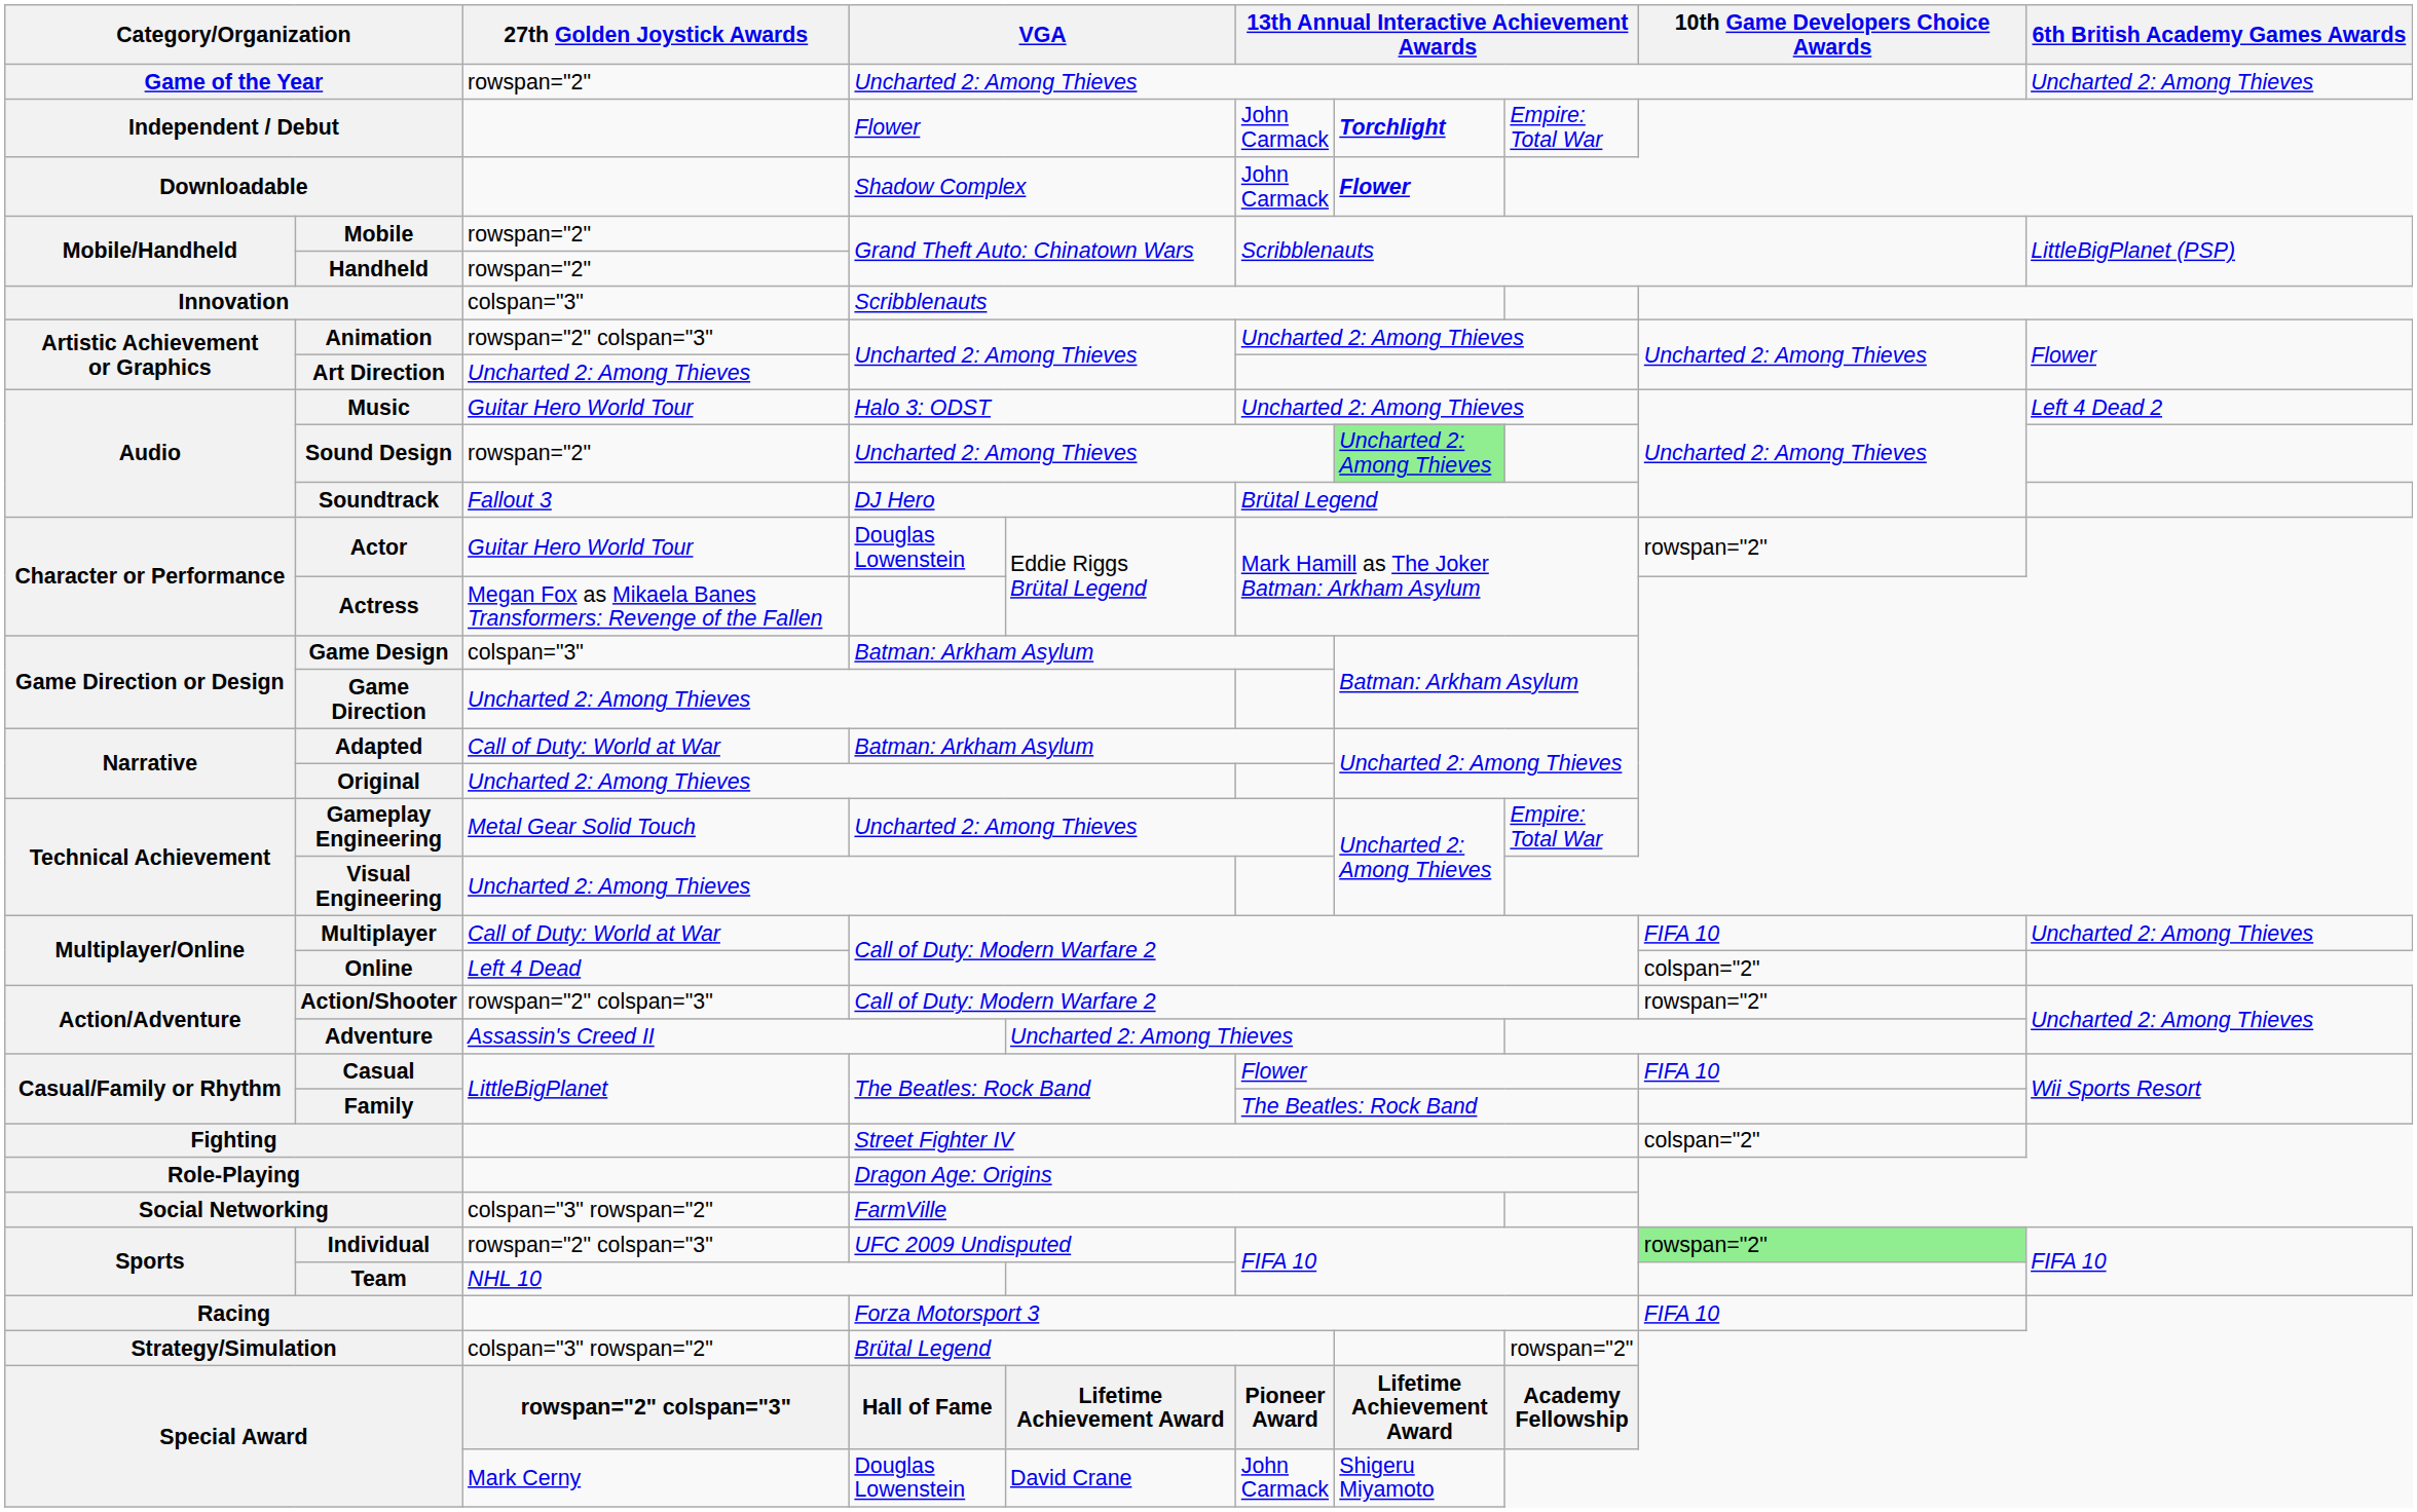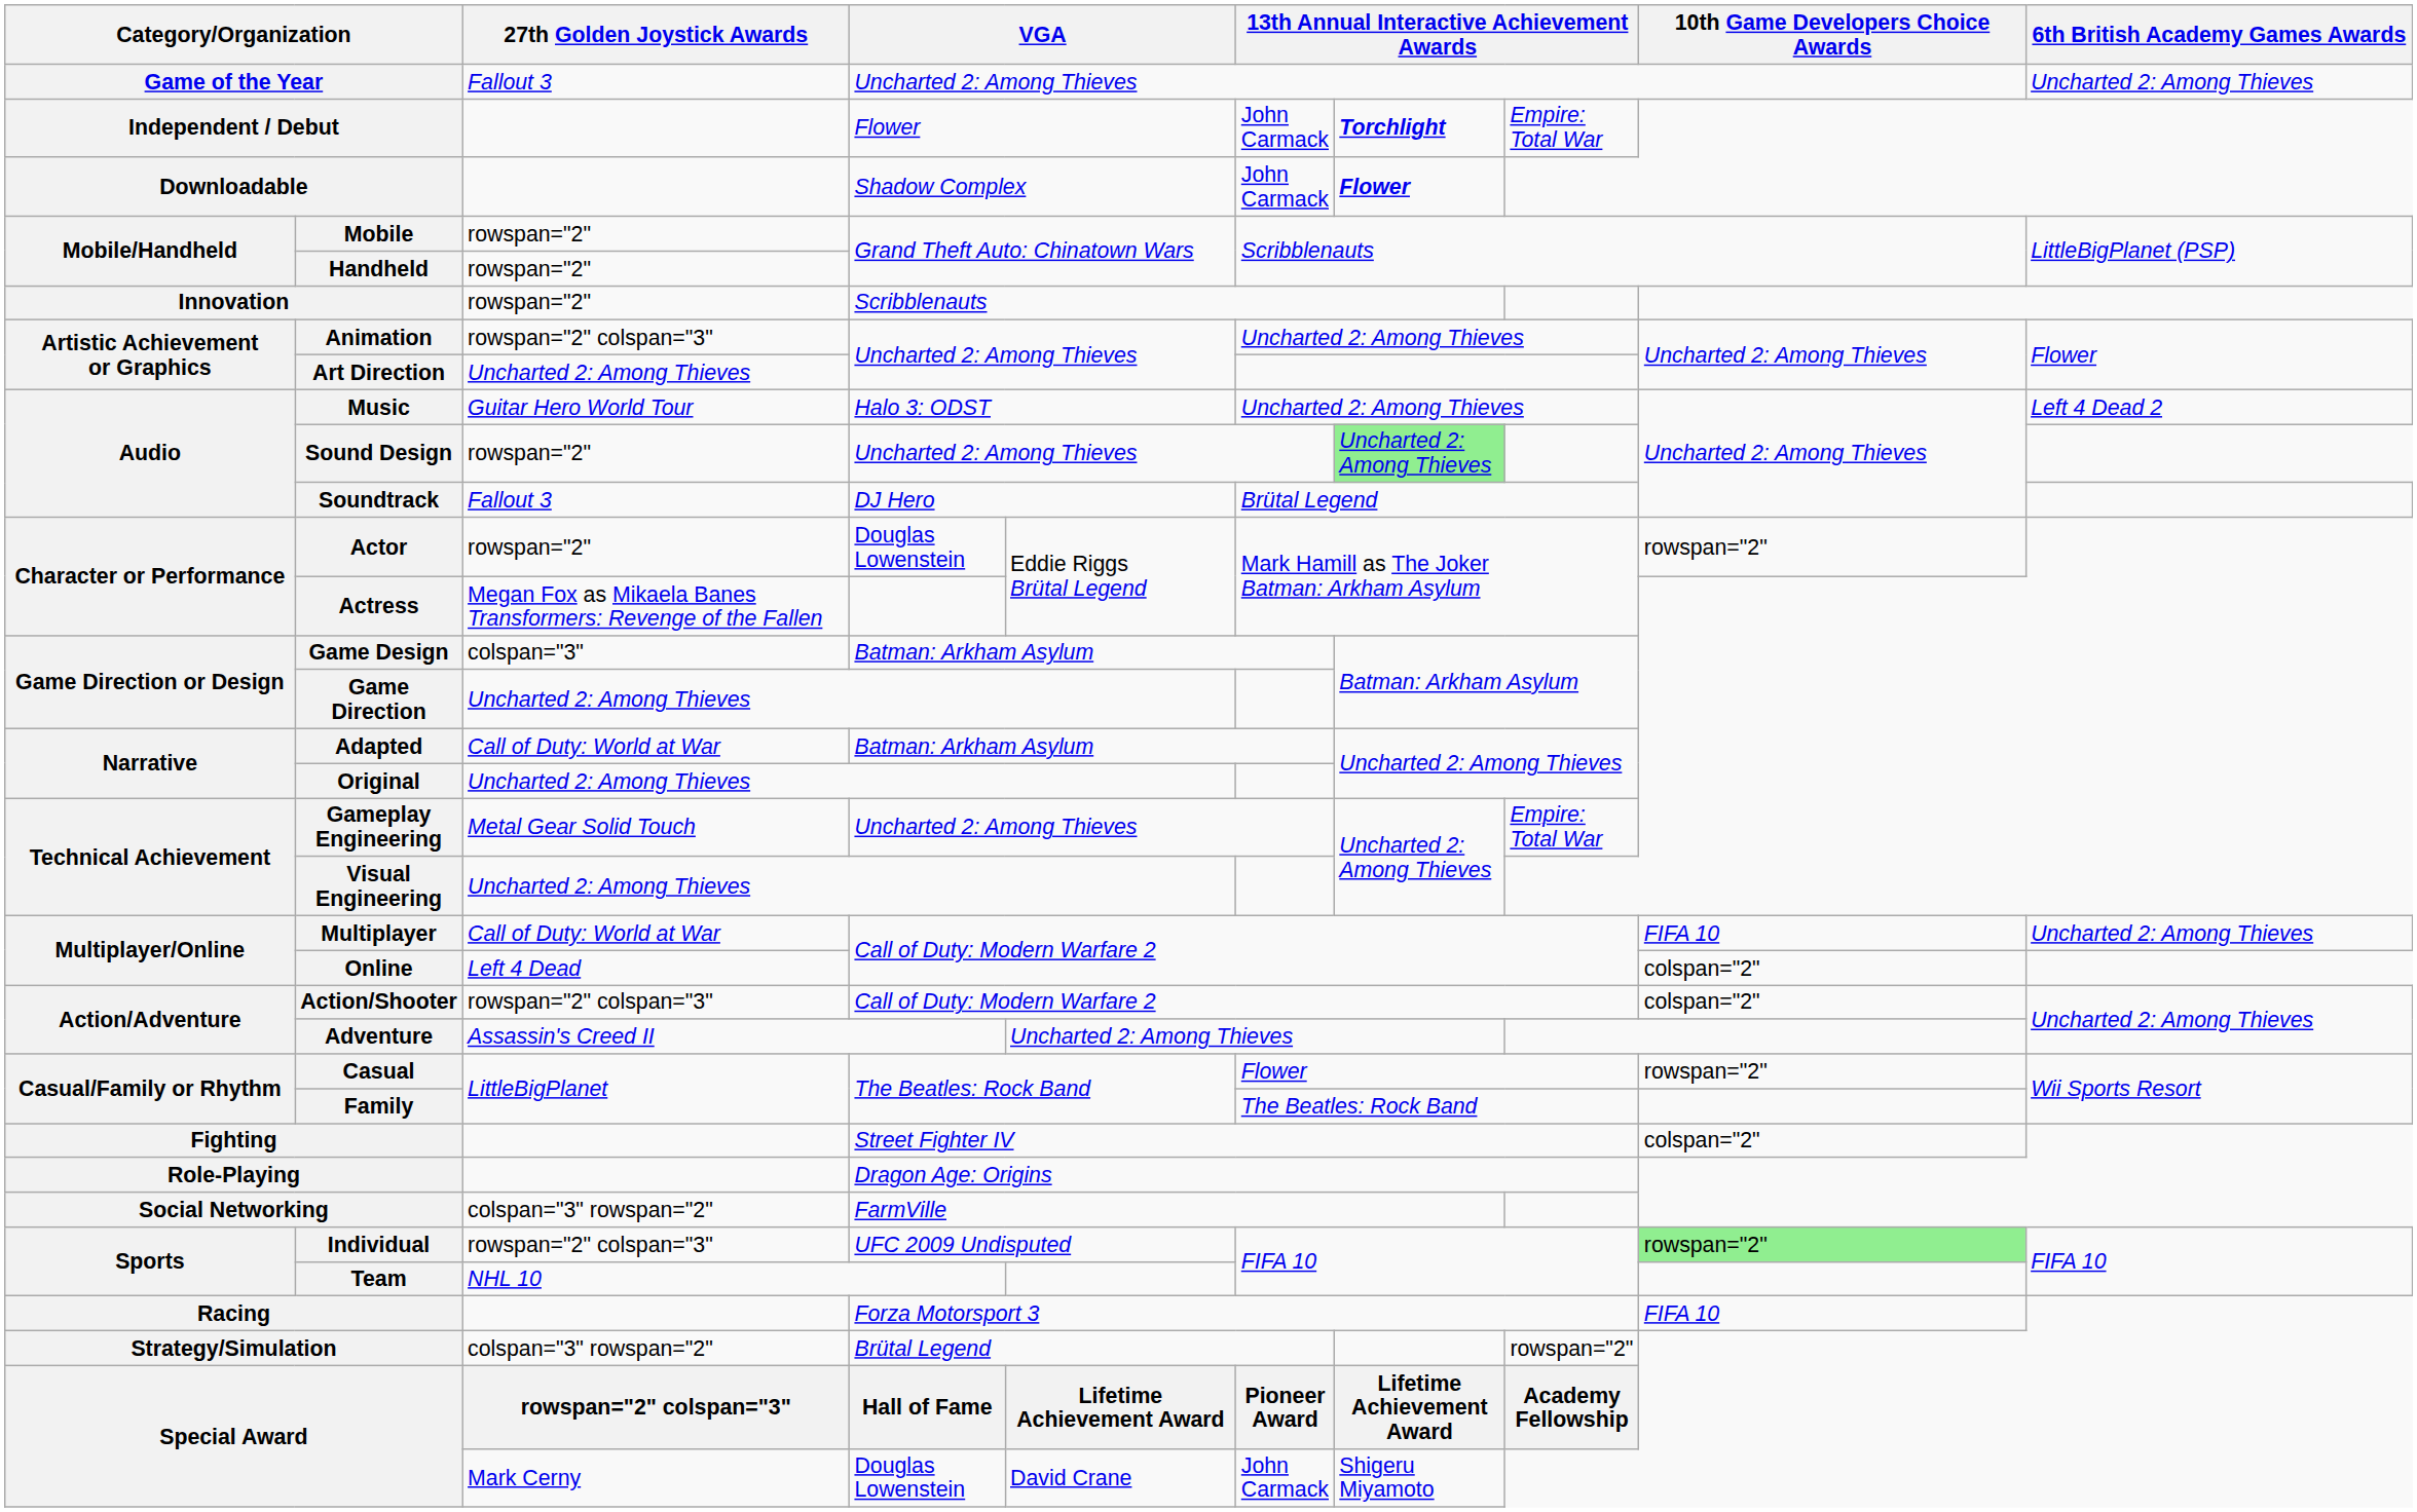 <table class="wikitable" style="border:none; margin:0; width:100%; font-size: 90%;">
 <tr>
 <th style="width:17%;" colspan="2">Category/Organization</th>
 <th style="width:16%;">27th <a href='#'>Golden Joystick Awards</a><br></th>
 <th style="width:16%;" colspan="2"><a href='#'>VGA</a><br></th>
 <th style="width:16%;" colspan="3"><a href='#'>13th Annual Interactive Achievement Awards</a><br></th>
 <th style="width:16%;">10th <a href='#'>Game Developers Choice Awards</a><br></th>
 <th style="width:16%;"><a href='#'>6th British Academy Games Awards</a><br></th>
 </tr>
 <tr>
 <th scope="row" colspan="2"><a href='#'>Game of the Year</a></th>
-<td>rowspan="2" </td>
+<td><em><a href='#'>Fallout 3</a></em></td>
 <td colspan="6"><em><a href='#'>Uncharted 2: Among Thieves</a></em></td>
 <td><em><a href='#'>Uncharted 2: Among Thieves</a></em></td>
 </tr>
 <tr>
 <th scope="row" colspan="2" style="width:9%;">Independent / Debut </th>
 <td></td>
 <td colspan="2"><em><a href='#'>Flower</a></em></td>
 <td><a href='#'>John Carmack</a></td>
 <td><strong><em><a href='#'>Torchlight</a></em></strong></td>
 <td><em><a href='#'>Empire: Total War</a></em></td>
 </tr>
 <tr>
 <th scope="row" style="width:12%;" colspan="2">Downloadable</th>
 <td></td>
 <td colspan="2"><em><a href='#'>Shadow Complex</a></em></td>
 <td><a href='#'>John Carmack</a></td>
 <td><strong><em><a href='#'>Flower</a></em></strong></td>
 </tr>
 <tr>
 <th scope="row" rowspan="2" style="width:12%;">Mobile/Handheld</th>
 <th>Mobile</th>
 <td>rowspan="2" </td>
 <td colspan="2" rowspan="2"><em><a href='#'>Grand Theft Auto: Chinatown Wars</a></em></td>
 <td colspan="4" rowspan="2"><em><a href='#'>Scribblenauts</a></em></td>
 <td rowspan="2"><em><a href='#'>LittleBigPlanet (PSP)</a></em></td>
 </tr>
 <tr>
 <th scope="row">Handheld</th>
 <td>rowspan="2" </td>
 </tr>
 <tr>
 <th scope="row" style="width:12%;" colspan="2">Innovation</th>
-<td>colspan="3" </td>
+<td>rowspan="2" </td>
 <td colspan="4"><em><a href='#'>Scribblenauts</a></em></td>
 <td></td>
 </tr>
 <tr>
 <th scope="row" rowspan="2" style="width:9%;">Artistic Achievement<br>or Graphics</th>
 <th>Animation</th>
 <td>rowspan="2" colspan="3" </td>
 <td rowspan="2" colspan="2"><em><a href='#'>Uncharted 2: Among Thieves</a></em></td>
 <td colspan="3"><em><a href='#'>Uncharted 2: Among Thieves</a></em></td>
 <td rowspan="2"><em><a href='#'>Uncharted 2: Among Thieves</a></em></td>
 <td rowspan="2"><em><a href='#'>Flower</a></em></td>
 </tr>
 <tr>
 <th scope="row">Art Direction</th>
 <td colspan="3"><em><a href='#'>Uncharted 2: Among Thieves</a></em></td>
 </tr>
 <tr>
 <th scope="row" rowspan="3" style="width:12%;">Audio</th>
 <th>Music</th>
 <td><em><a href='#'>Guitar Hero World Tour</a></em></td>
 <td colspan="2"><em><a href='#'>Halo 3: ODST</a></em></td>
 <td colspan="3"><em><a href='#'>Uncharted 2: Among Thieves</a></em></td>
 <td rowspan="3"><em><a href='#'>Uncharted 2: Among Thieves</a></em></td>
 <td><em><a href='#'>Left 4 Dead 2</a></em></td>
 </tr>
 <tr>
 <th scope="row">Sound Design</th>
 <td>rowspan="2" </td>
 <td colspan="3"><em><a href='#'>Uncharted 2: Among Thieves</a></em></td>
 <td style="background: lightgreen;"><em><a href='#'>Uncharted 2: Among Thieves</a></em></td>
 </tr>
 <tr>
 <th scope="row">Soundtrack</th>
 <td><em><a href='#'>Fallout 3</a></em></td>
 <td colspan="2"><em><a href='#'>DJ Hero</a></em></td>
 <td colspan="3"><em><a href='#'>Brütal Legend</a></em></td>
 <td></td>
 </tr>
 <tr>
 <th scope="row" rowspan="2">Character or Performance</th>
 <th>Actor</th>
-<td><em><a href='#'>Guitar Hero World Tour</a></em></td>
+<td>rowspan="2" </td>
 <td><a href='#'>Douglas Lowenstein</a></td>
 <td rowspan="2">Eddie Riggs<br><em><a href='#'>Brütal Legend</a></em></td>
 <td rowspan="2" colspan="3"><a href='#'>Mark Hamill</a> as <a href='#'>The Joker</a><br><em><a href='#'>Batman: Arkham Asylum</a></em></td>
 <td>rowspan="2" </td>
 </tr>
 <tr>
 <th>Actress</th>
 <td><a href='#'>Megan Fox</a> as <a href='#'>Mikaela Banes</a><br><em><a href='#'>Transformers: Revenge of the Fallen</a></em></td>
 </tr>
 <tr>
 <th scope="row" rowspan="2">Game Direction or Design</th>
 <th>Game Design</th>
 <td>colspan="3" </td>
 <td colspan="3"><em><a href='#'>Batman: Arkham Asylum</a></em></td>
 <td rowspan="2" colspan="2"><em><a href='#'>Batman: Arkham Asylum</a></em></td>
 </tr>
 <tr>
 <th scope="row">Game Direction</th>
 <td colspan="3"><em><a href='#'>Uncharted 2: Among Thieves</a></em></td>
 </tr>
 <tr>
 <th scope="row" rowspan="2">Narrative</th>
 <th>Adapted</th>
 <td><em><a href='#'>Call of Duty: World at War</a></em></td>
 <td colspan="3"><em><a href='#'>Batman: Arkham Asylum</a></em></td>
 <td rowspan="2" colspan="2"><em><a href='#'>Uncharted 2: Among Thieves</a></em></td>
 </tr>
 <tr>
 <th scope="row">Original</th>
 <td colspan="3"><em><a href='#'>Uncharted 2: Among Thieves</a></em></td>
 </tr>
 <tr>
 <th scope="row" rowspan="2">Technical Achievement</th>
 <th>Gameplay Engineering</th>
 <td><em><a href='#'>Metal Gear Solid Touch</a></em></td>
 <td colspan="3"><em><a href='#'>Uncharted 2: Among Thieves</a></em></td>
 <td rowspan="2"><em><a href='#'>Uncharted 2: Among Thieves</a></em></td>
 <td><em><a href='#'>Empire: Total War</a></em></td>
 </tr>
 <tr>
 <th scope="row">Visual Engineering</th>
 <td colspan="3"><em><a href='#'>Uncharted 2: Among Thieves</a></em></td>
 </tr>
 <tr>
 <th scope="row" rowspan="2">Multiplayer/Online</th>
 <th>Multiplayer</th>
 <td><em><a href='#'>Call of Duty: World at War</a></em></td>
 <td colspan="5" rowspan="2"><em><a href='#'>Call of Duty: Modern Warfare 2</a></em></td>
 <td><em><a href='#'>FIFA 10</a></em></td>
 <td><em><a href='#'>Uncharted 2: Among Thieves</a></em></td>
 </tr>
 <tr>
 <th scope="row">Online</th>
 <td><em><a href='#'>Left 4 Dead</a></em></td>
 <td>colspan="2" </td>
 </tr>
 <tr>
 <th scope="row" rowspan="2">Action/Adventure</th>
 <th>Action/Shooter</th>
 <td>rowspan="2" colspan="3" </td>
 <td colspan="5"><em><a href='#'>Call of Duty: Modern Warfare 2</a></em></td>
-<td>rowspan="2" </td>
+<td>colspan="2" </td>
 <td rowspan="2"><em><a href='#'>Uncharted 2: Among Thieves</a></em></td>
 </tr>
 <tr>
 <th scope="row">Adventure</th>
 <td colspan="2"><em><a href='#'>Assassin's Creed II</a></em></td>
 <td colspan="3"><em><a href='#'>Uncharted 2: Among Thieves</a></em></td>
 </tr>
 <tr>
 <th scope="row" rowspan="2">Casual/Family or Rhythm</th>
 <th>Casual</th>
 <td rowspan="2"><em><a href='#'>LittleBigPlanet</a></em></td>
 <td rowspan="2" colspan="2"><em><a href='#'>The Beatles: Rock Band</a></em></td>
 <td colspan="3"><em><a href='#'>Flower</a></em></td>
-<td><em><a href='#'>FIFA 10</a></em></td>
+<td>rowspan="2" </td>
 <td rowspan="2"><em><a href='#'>Wii Sports Resort</a></em></td>
 </tr>
 <tr>
 <th>Family</th>
 <td colspan="3"><em><a href='#'>The Beatles: Rock Band</a></em></td>
 </tr>
 <tr>
 <th scope="row" colspan="2">Fighting</th>
 <td></td>
 <td colspan="5"><em><a href='#'>Street Fighter IV</a></em></td>
 <td>colspan="2" </td>
 </tr>
 <tr>
 <th scope="row" colspan="2">Role-Playing</th>
 <td></td>
 <td colspan="5"><em><a href='#'>Dragon Age: Origins</a></em></td>
 </tr>
 <tr>
 <th scope="row" colspan="2">Social Networking</th>
 <td>colspan="3" rowspan="2" </td>
 <td colspan="4"><em><a href='#'>FarmVille</a></em></td>
 <td></td>
 </tr>
 <tr>
 <th scope="row" rowspan="2">Sports</th>
 <th>Individual</th>
 <td>rowspan="2" colspan="3" </td>
 <td colspan="2"><em><a href='#'>UFC 2009 Undisputed</a></em></td>
 <td rowspan="2" colspan="3"><em><a href='#'>FIFA 10</a></em></td>
 <td style="background: lightgreen;">rowspan="2" </td>
 <td rowspan="2"><em><a href='#'>FIFA 10</a></em></td>
 </tr>
 <tr>
 <th scope="row">Team</th>
 <td colspan="2"><em><a href='#'>NHL 10</a></em></td>
 </tr>
 <tr>
 <th scope="row" colspan="2">Racing</th>
 <td></td>
 <td colspan="5"><em><a href='#'>Forza Motorsport 3</a></em></td>
 <td><em><a href='#'>FIFA 10</a></em></td>
 </tr>
 <tr>
 <th scope="row" colspan="2">Strategy/Simulation</th>
 <td>colspan="3" rowspan="2" </td>
 <td colspan="3"><em><a href='#'>Brütal Legend</a></em></td>
 <td></td>
 <td>rowspan="2" </td>
 </tr>
 <tr>
 <th scope="row" colspan="2" rowspan="2">Special Award</th>
 <th>rowspan="2" colspan="3" </th>
 <th>Hall of Fame</th>
 <th>Lifetime Achievement Award</th>
 <th>Pioneer Award</th>
 <th>Lifetime Achievement Award</th>
 <th>Academy Fellowship</th>
 </tr>
 <tr>
 <td><a href='#'>Mark Cerny</a></td>
 <td><a href='#'>Douglas Lowenstein</a></td>
 <td><a href='#'>David Crane</a></td>
 <td><a href='#'>John Carmack</a></td>
 <td><a href='#'>Shigeru Miyamoto</a></td>
 </tr>
 </table>
